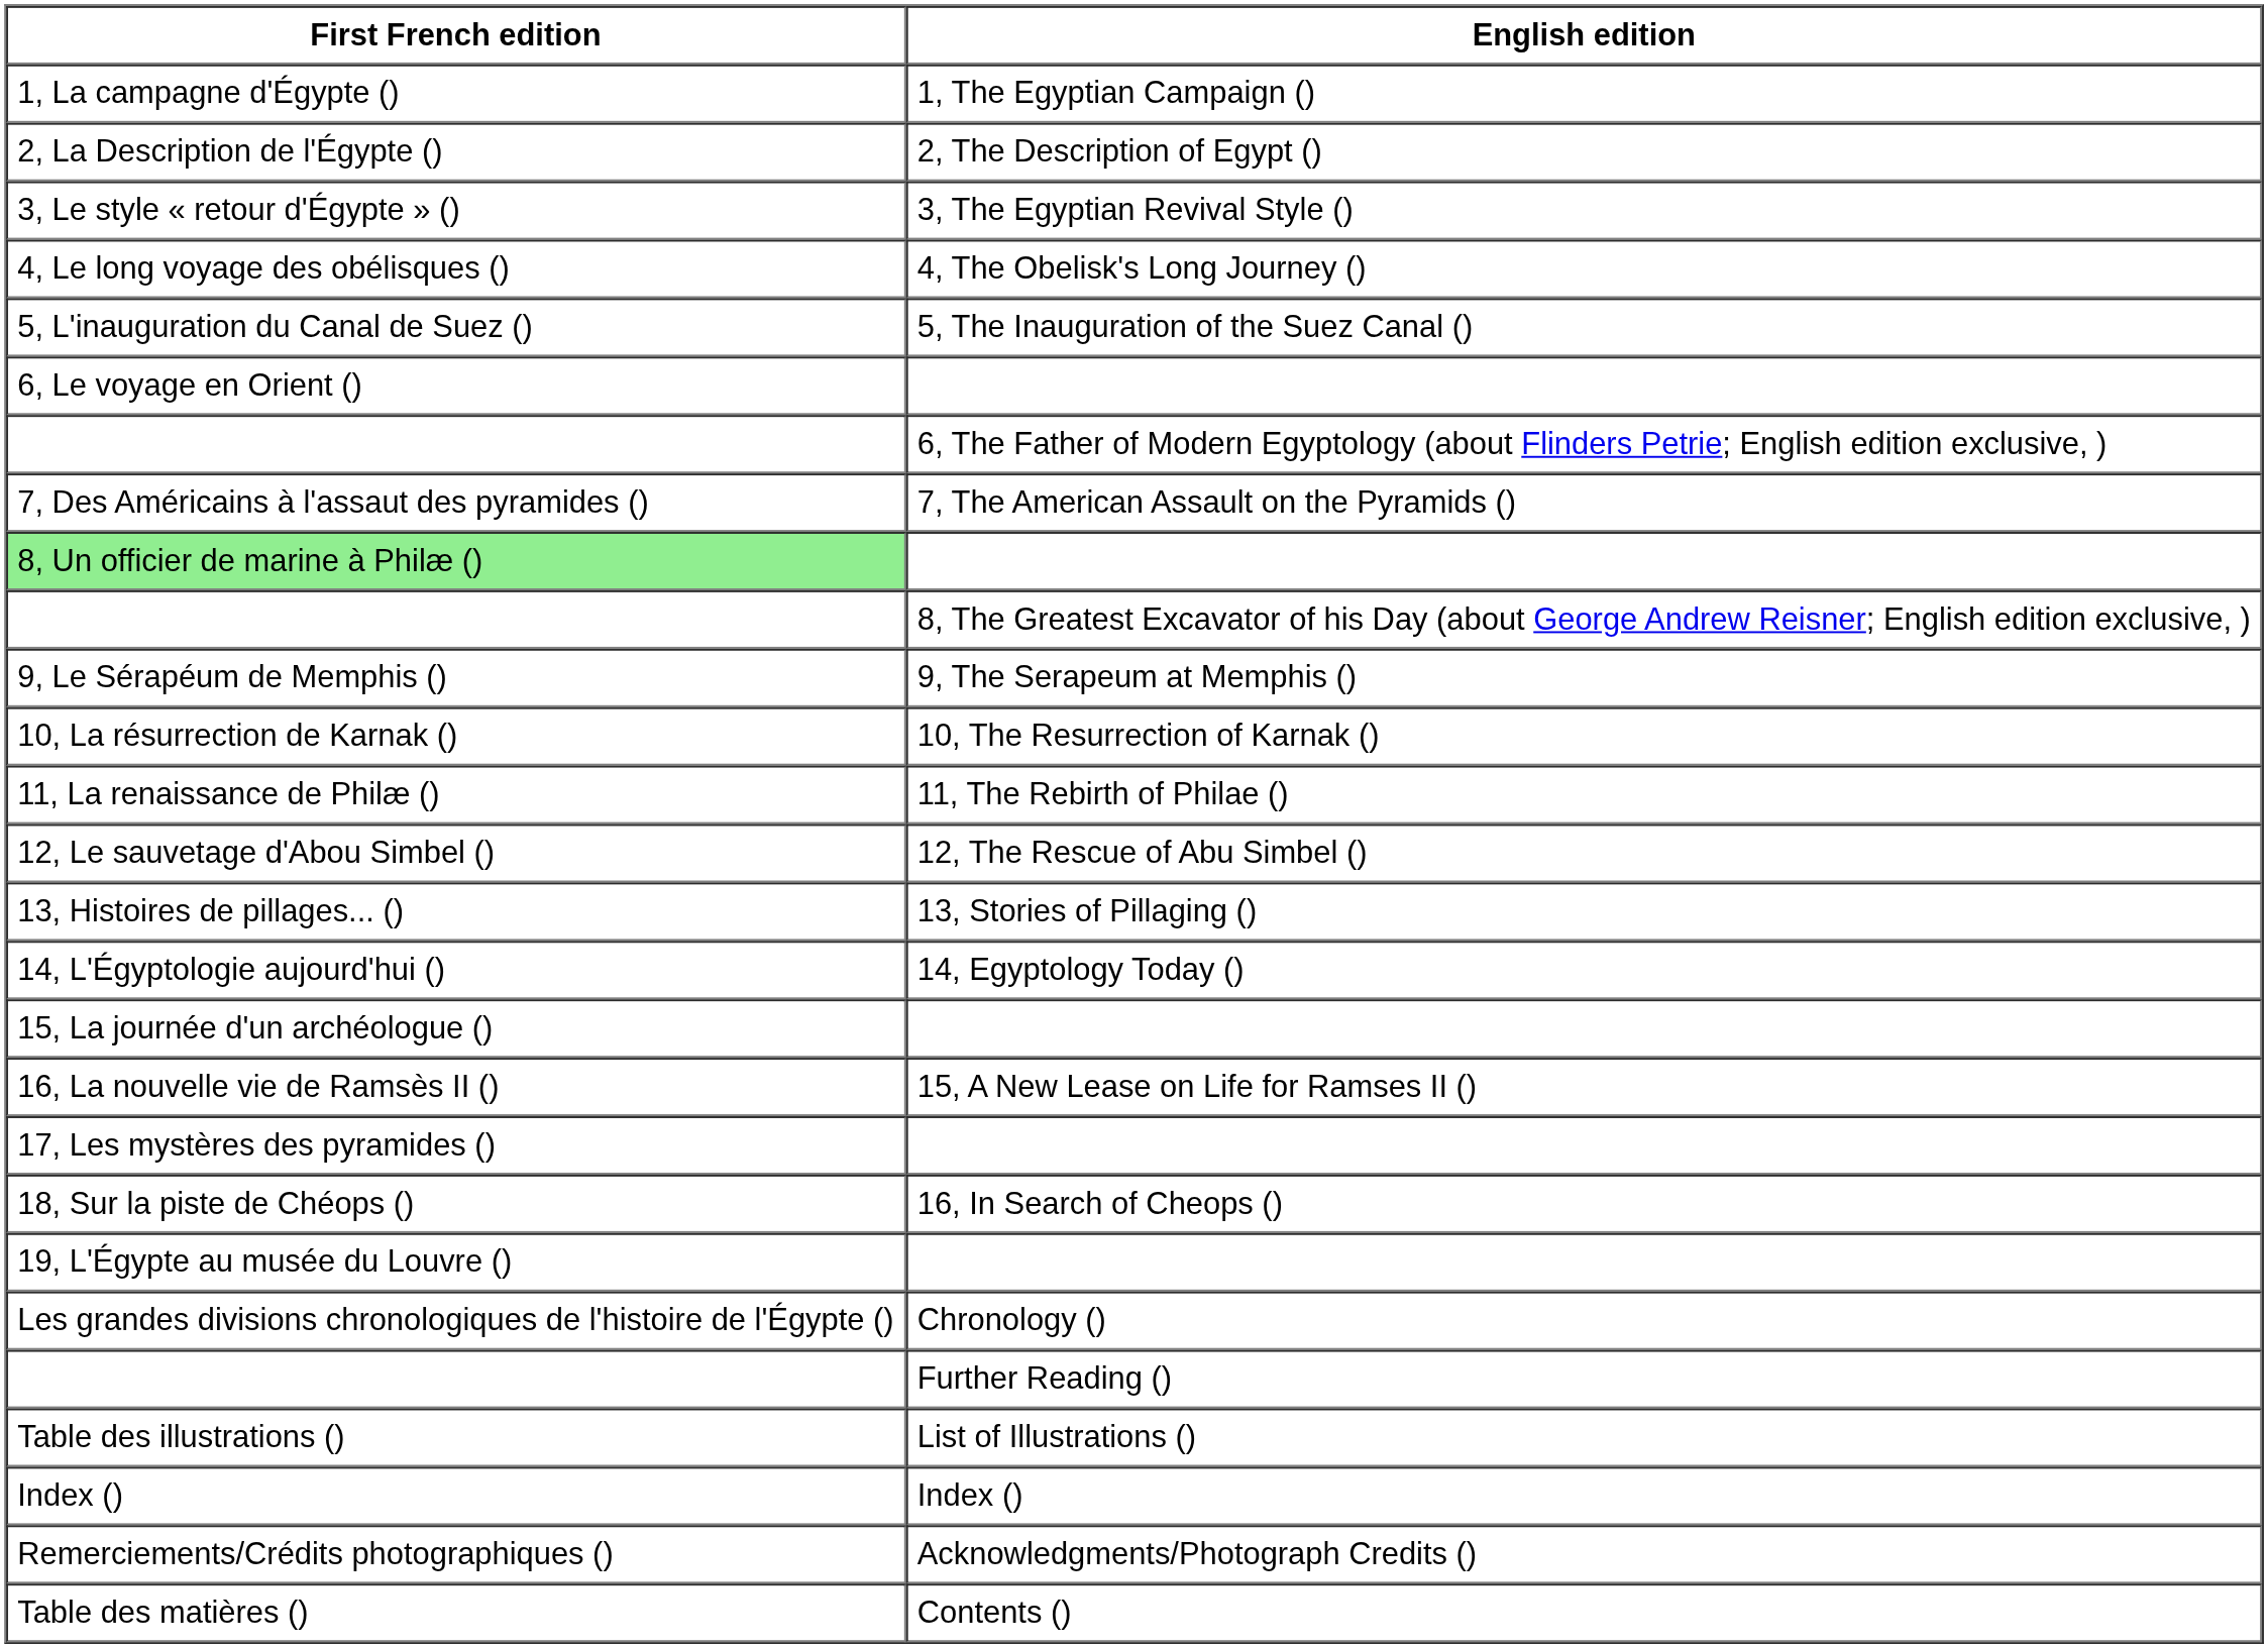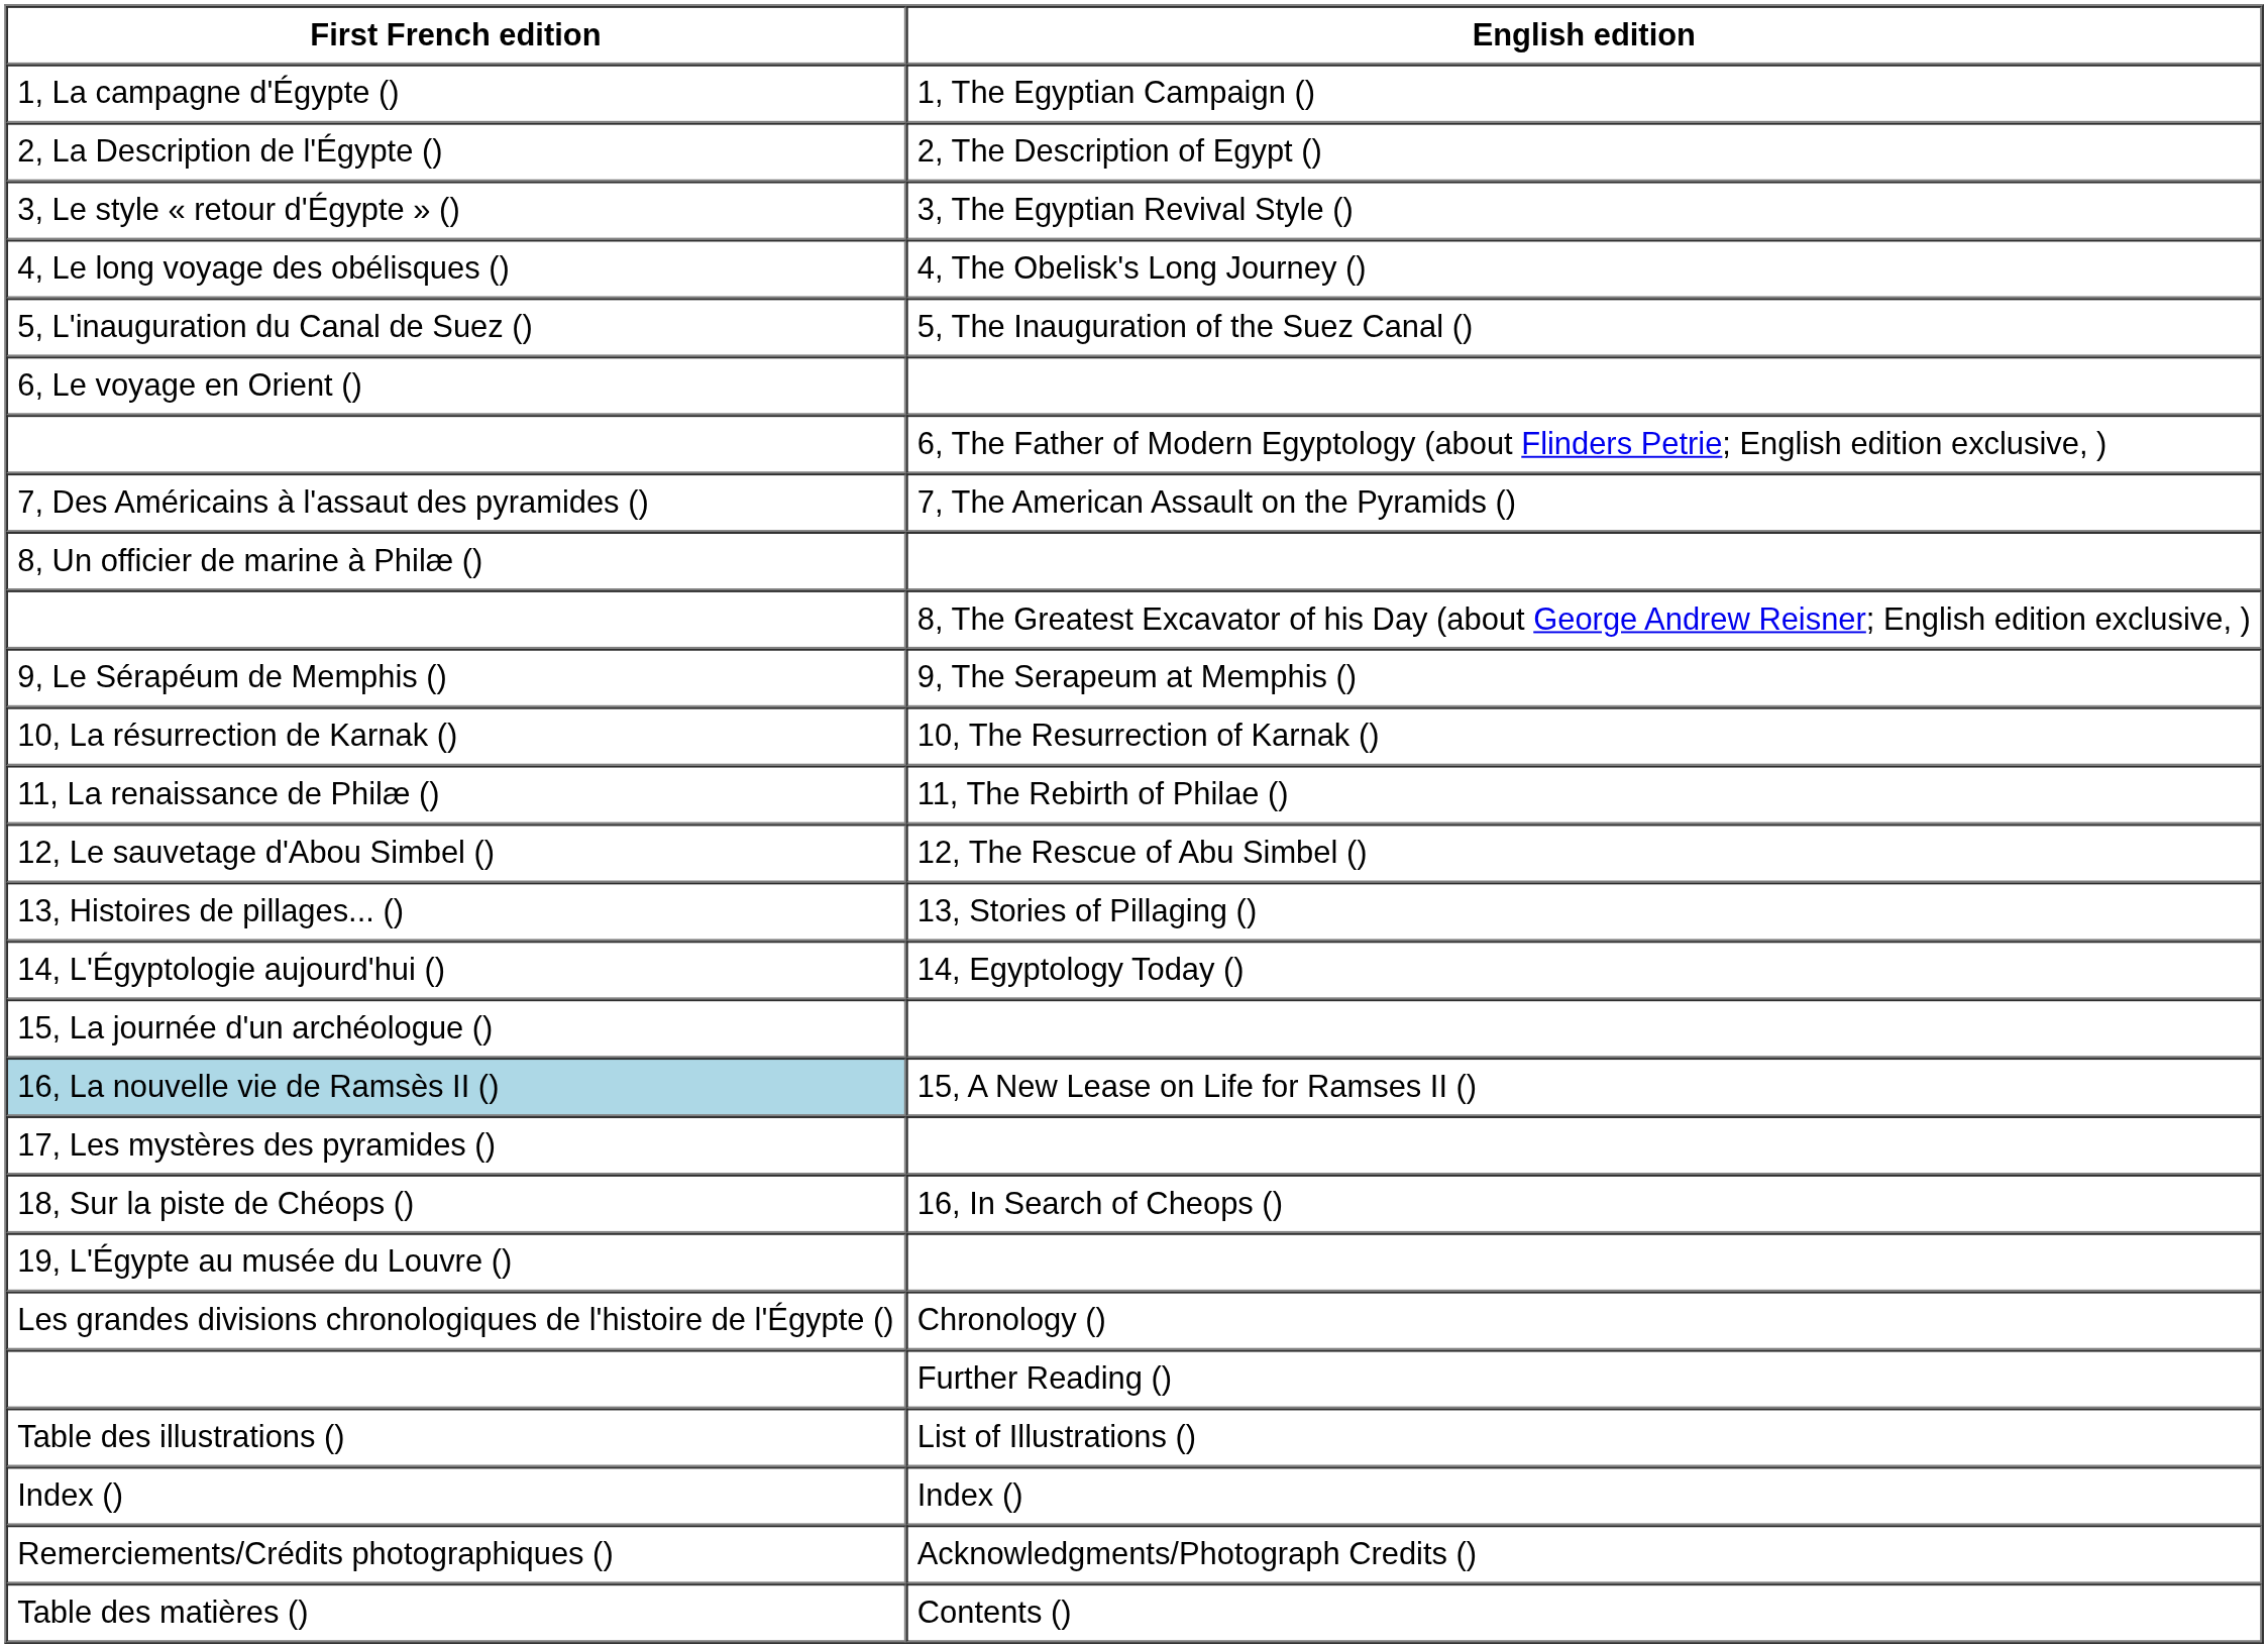 <table border="1" cellspacing="0" cellpadding="5" align="center">
 <tr>
 <th>First French edition</th>
 <th>English edition</th>
 </tr>
 <tr ---->
 <td>1, La campagne d'Égypte ()</td>
 <td>1, The Egyptian Campaign ()</td>
 </tr>
 <tr ---->
 <td>2, La Description de l'Égypte ()</td>
 <td>2, The Description of Egypt ()</td>
 </tr>
 <tr ---->
 <td>3, Le style « retour d'Égypte » ()</td>
 <td>3, The Egyptian Revival Style ()</td>
 </tr>
 <tr ---->
 <td>4, Le long voyage des obélisques ()</td>
 <td>4, The Obelisk's Long Journey ()</td>
 </tr>
 <tr ---->
 <td>5, L'inauguration du Canal de Suez ()</td>
 <td>5, The Inauguration of the Suez Canal ()</td>
 </tr>
 <tr ---->
 <td>6, Le voyage en Orient ()</td>
 <td></td>
 </tr>
 <tr ---->
 <td></td>
 <td>6, The Father of Modern Egyptology (about <a href='#'>Flinders Petrie</a>; English edition exclusive, )</td>
 </tr>
 <tr ---->
 <td>7, Des Américains à l'assaut des pyramides ()</td>
 <td>7, The American Assault on the Pyramids ()</td>
 </tr>
 <tr ---->
-<td style="background: lightgreen;">8, Un officier de marine à Philæ ()</td>
+<td>8, Un officier de marine à Philæ ()</td>
 <td></td>
 </tr>
 <tr ---->
 <td></td>
 <td>8, The Greatest Excavator of his Day (about <a href='#'>George Andrew Reisner</a>; English edition exclusive, )</td>
 </tr>
 <tr ---->
 <td>9, Le Sérapéum de Memphis ()</td>
 <td>9, The Serapeum at Memphis ()</td>
 </tr>
 <tr ---->
 <td>10, La résurrection de Karnak ()</td>
 <td>10, The Resurrection of Karnak ()</td>
 </tr>
 <tr ---->
 <td>11, La renaissance de Philæ ()</td>
 <td>11, The Rebirth of Philae ()</td>
 </tr>
 <tr ---->
 <td>12, Le sauvetage d'Abou Simbel ()</td>
 <td>12, The Rescue of Abu Simbel ()</td>
 </tr>
 <tr ---->
 <td>13, Histoires de pillages... ()</td>
 <td>13, Stories of Pillaging ()</td>
 </tr>
 <tr ---->
 <td>14, L'Égyptologie aujourd'hui ()</td>
 <td>14, Egyptology Today ()</td>
 </tr>
 <tr ---->
 <td>15, La journée d'un archéologue ()</td>
 <td></td>
 </tr>
 <tr ---->
-<td>16, La nouvelle vie de Ramsès II ()</td>
+<td style="background: lightblue;">16, La nouvelle vie de Ramsès II ()</td>
 <td>15, A New Lease on Life for Ramses II ()</td>
 </tr>
 <tr ---->
 <td>17, Les mystères des pyramides ()</td>
 <td></td>
 </tr>
 <tr ---->
 <td>18, Sur la piste de Chéops ()</td>
 <td>16, In Search of Cheops ()</td>
 </tr>
 <tr ---->
 <td>19, L'Égypte au musée du Louvre ()</td>
 <td></td>
 </tr>
 <tr ---->
 <td>Les grandes divisions chronologiques de l'histoire de l'Égypte ()</td>
 <td>Chronology ()</td>
 </tr>
 <tr ---->
 <td></td>
 <td>Further Reading ()</td>
 </tr>
 <tr ---->
 <td>Table des illustrations ()</td>
 <td>List of Illustrations ()</td>
 </tr>
 <tr ---->
 <td>Index ()</td>
 <td>Index ()</td>
 </tr>
 <tr ---->
 <td>Remerciements/Crédits photographiques ()</td>
 <td>Acknowledgments/Photograph Credits ()</td>
 </tr>
 <tr ---->
 <td>Table des matières ()</td>
 <td>Contents ()</td>
 </tr>
 </table>
